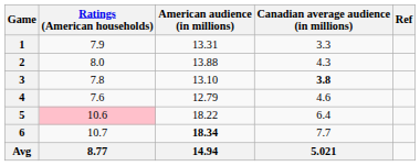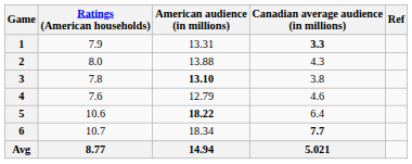 <table class="wikitable sortable" style="text-align:center;">
 <tr>
 <th scope="col">Game</th>
 <th scope="col"><a href='#'>Ratings</a><br>(American households)</th>
 <th scope="col">American audience<br>(in millions)</th>
 <th scope="col">Canadian average audience<br>(in millions)</th>
 <th scope="col" class=unsortable>Ref</th>
 </tr>
 <tr>
 <th scope="row">1</th>
 <td>7.9</td>
 <td>13.31</td>
-<td>3.3</td>
+<td><strong>3.3</strong></td>
 <td></td>
 </tr>
 <tr>
 <th scope="row">2</th>
 <td>8.0</td>
 <td>13.88</td>
 <td>4.3</td>
 <td></td>
 </tr>
 <tr>
 <th scope="row">3</th>
 <td>7.8</td>
-<td>13.10</td>
-<td><strong>3.8</strong></td>
+<td><strong>13.10</strong></td>
+<td>3.8</td>
 <td></td>
 </tr>
 <tr>
 <th scope="row">4</th>
 <td>7.6</td>
 <td>12.79</td>
 <td>4.6</td>
 <td></td>
 </tr>
 <tr>
 <th scope="row">5</th>
-<td style="background: pink;">10.6</td>
-<td>18.22</td>
+<td>10.6</td>
+<td><strong>18.22</strong></td>
 <td>6.4</td>
 <td></td>
 </tr>
 <tr>
 <th scope="row">6</th>
 <td>10.7</td>
-<td><strong>18.34</strong></td>
-<td>7.7</td>
+<td>18.34</td>
+<td><strong>7.7</strong></td>
 <td></td>
 </tr>
 <tr class="sortbottom">
 <th>Avg</th>
 <th>8.77</th>
 <th>14.94</th>
 <th>5.021</th>
 </tr>
 </table>
